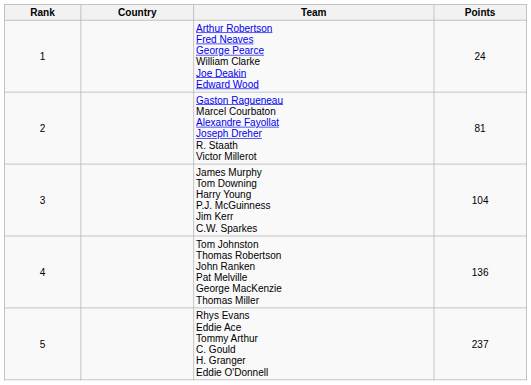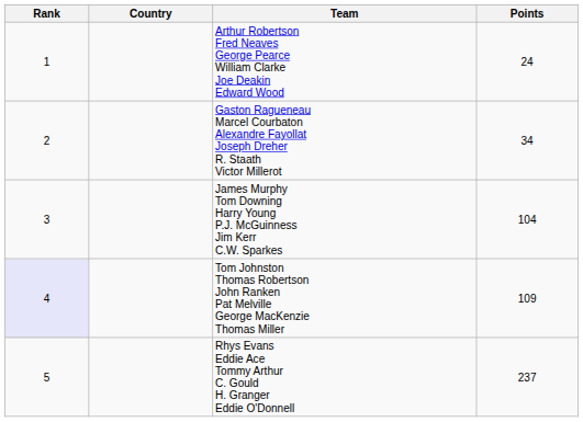 <table class="wikitable sortable" style=" text-align:center; font-size:95%;" width="50%">
 <tr>
 <th>Rank</th>
 <th>Country</th>
 <th>Team</th>
 <th>Points</th>
 </tr>
 <tr>
 <td align=center>1</td>
 <td align=left></td>
 <td align=left><a href='#'>Arthur Robertson</a><br><a href='#'>Fred Neaves</a><br><a href='#'>George Pearce</a><br>William Clarke<br><a href='#'>Joe Deakin</a><br><a href='#'>Edward Wood</a></td>
 <td>24</td>
 </tr>
 <tr>
 <td align=center>2</td>
 <td align=left></td>
 <td align=left><a href='#'>Gaston Ragueneau</a><br>Marcel Courbaton<br><a href='#'>Alexandre Fayollat</a><br><a href='#'>Joseph Dreher</a><br>R. Staath<br>Victor Millerot</td>
-<td>81</td>
+<td>34</td>
 </tr>
 <tr>
 <td align=center>3</td>
 <td align=left></td>
 <td align=left>James Murphy<br>Tom Downing<br>Harry Young<br>P.J. McGuinness<br>Jim Kerr<br>C.W. Sparkes</td>
 <td>104</td>
 </tr>
 <tr>
-<td align=center>4</td>
+<td align=center style="background: lavender;">4</td>
 <td align=left></td>
 <td align=left>Tom Johnston<br>Thomas Robertson<br>John Ranken<br>Pat Melville<br>George MacKenzie<br>Thomas Miller</td>
-<td>136</td>
+<td>109</td>
 </tr>
 <tr>
 <td align=center>5</td>
 <td align=left></td>
 <td align=left>Rhys Evans<br>Eddie Ace<br>Tommy Arthur<br>C. Gould<br>H. Granger<br>Eddie O'Donnell</td>
 <td>237</td>
 </tr>
 </table>
